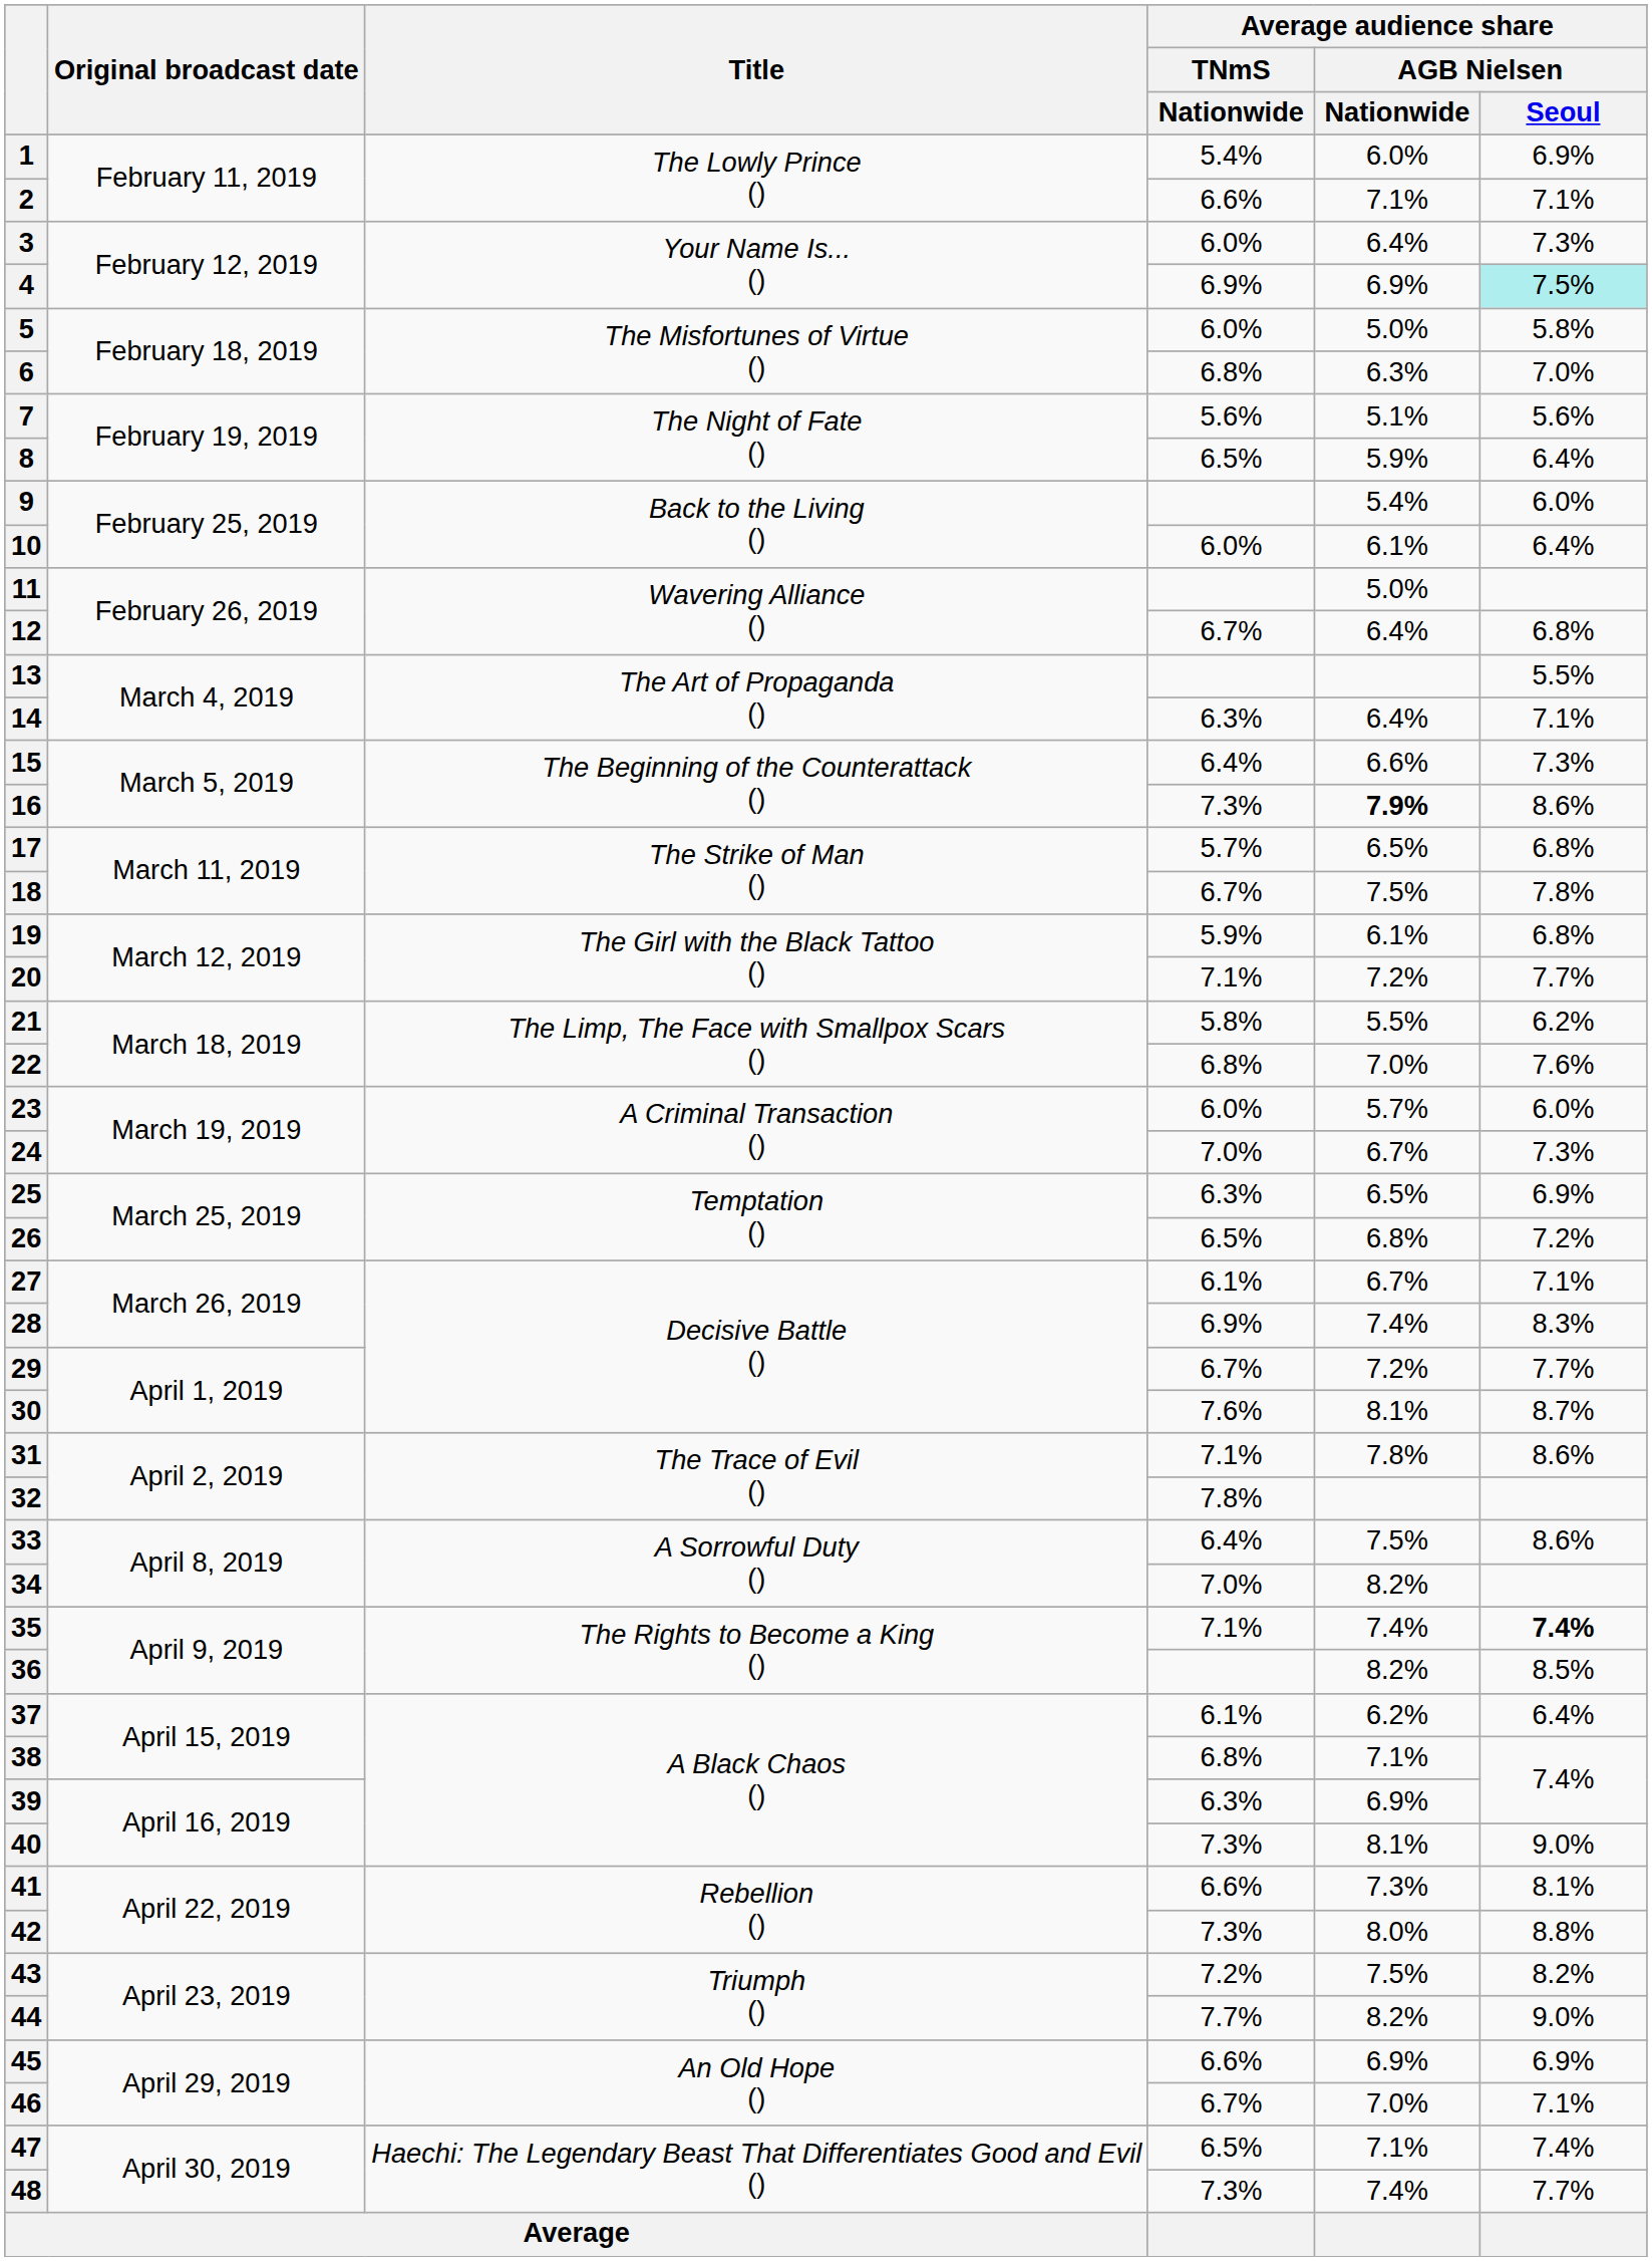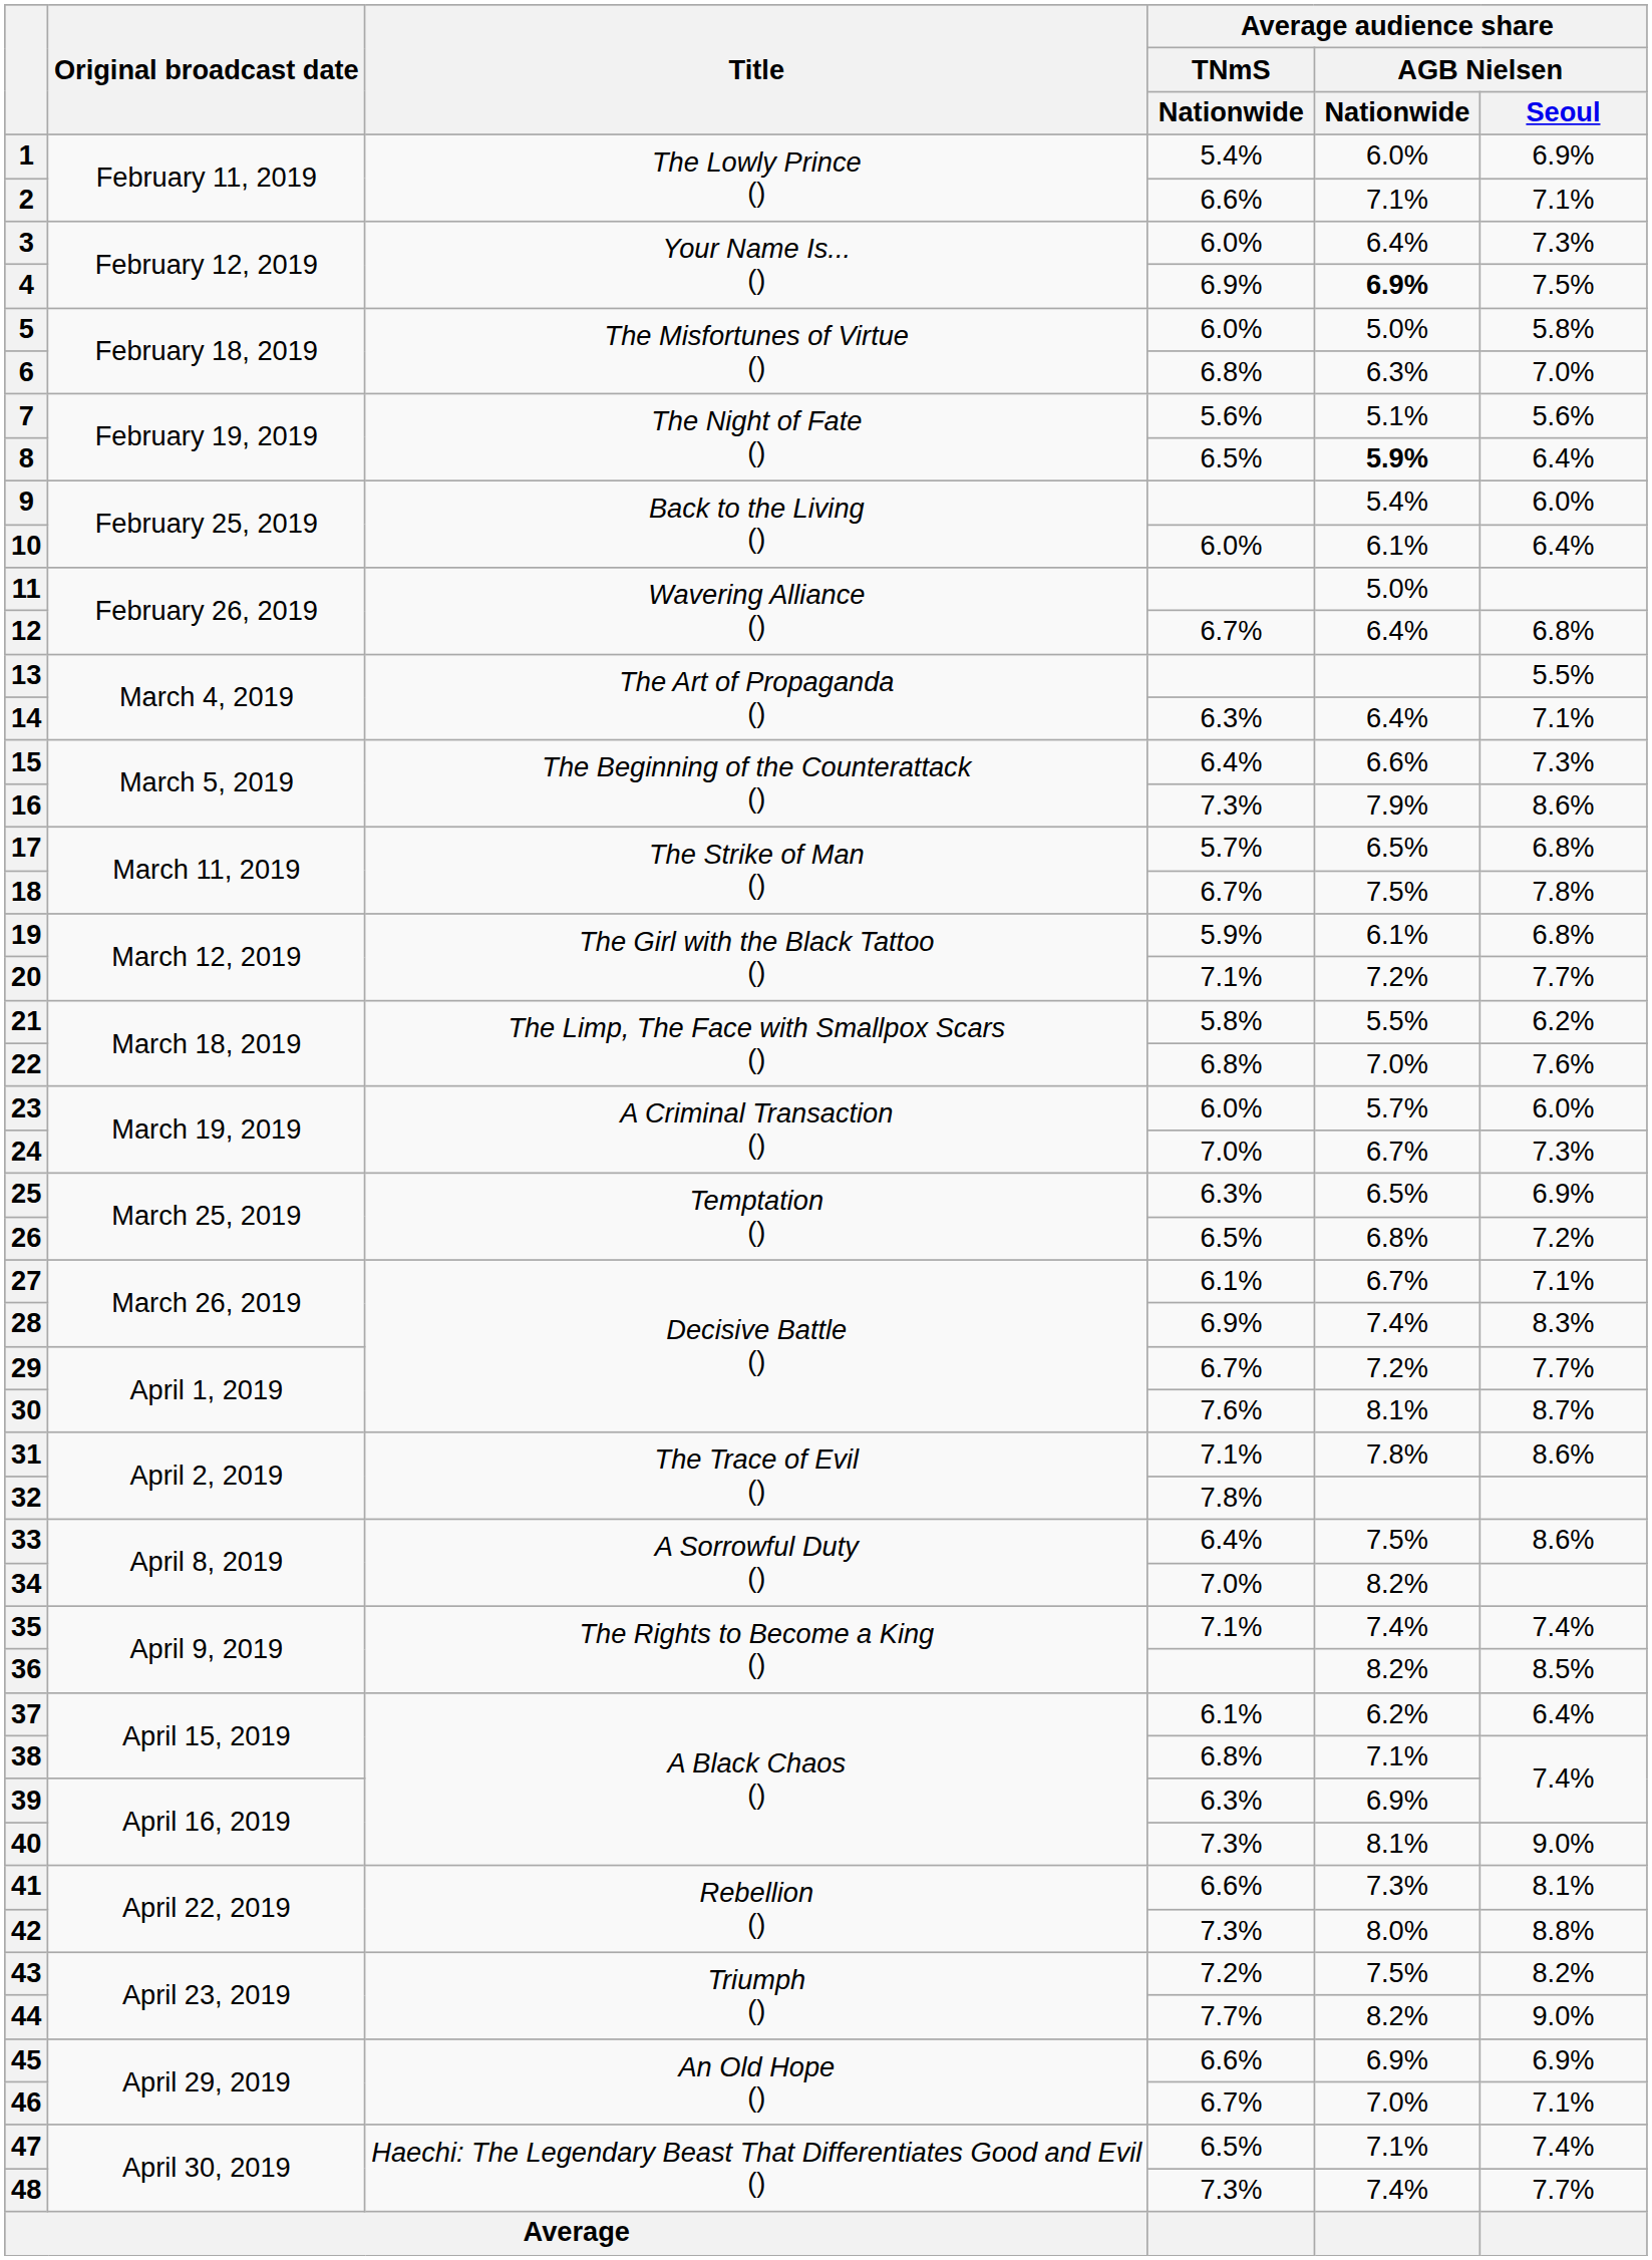 <table class="wikitable" style="text-align:center">
 <tr>
 <th rowspan="3"></th>
 <th rowspan="3">Original broadcast date</th>
 <th rowspan="3">Title</th>
 <th colspan="3">Average audience share</th>
 </tr>
 <tr>
 <th colspan="1">TNmS</th>
 <th colspan="2">AGB Nielsen</th>
 </tr>
 <tr>
 <th width="90">Nationwide</th>
 <th width="90">Nationwide</th>
 <th width="90"><a href='#'>Seoul</a></th>
 </tr>
 <tr>
 <th>1</th>
 <td rowspan="2">February 11, 2019</td>
 <td rowspan="2"><em>The Lowly Prince</em><br>()</td>
 <td>5.4%</td>
 <td>6.0% </td>
 <td>6.9% </td>
 </tr>
 <tr>
 <th>2</th>
 <td>6.6%</td>
 <td>7.1% </td>
 <td>7.1% </td>
 </tr>
 <tr>
 <th>3</th>
 <td rowspan="2">February 12, 2019</td>
 <td rowspan="2"><em>Your Name Is...</em><br>()</td>
 <td>6.0%</td>
 <td>6.4% </td>
 <td>7.3% </td>
 </tr>
 <tr>
 <th>4</th>
 <td>6.9%</td>
-<td>6.9% </td>
-<td style="background: paleturquoise;">7.5% </td>
+<td><strong>6.9% </strong></td>
+<td>7.5% </td>
 </tr>
 <tr>
 <th>5</th>
 <td rowspan="2">February 18, 2019</td>
 <td rowspan="2"><em>The Misfortunes of Virtue</em><br>()</td>
 <td>6.0%</td>
 <td>5.0% </td>
 <td>5.8% </td>
 </tr>
 <tr>
 <th>6</th>
 <td>6.8%</td>
 <td>6.3% </td>
 <td>7.0% </td>
 </tr>
 <tr>
 <th>7</th>
 <td rowspan="2">February 19, 2019</td>
 <td rowspan="2"><em>The Night of Fate</em><br>()</td>
 <td>5.6%</td>
 <td>5.1% </td>
 <td>5.6% </td>
 </tr>
 <tr>
 <th>8</th>
 <td>6.5%</td>
-<td>5.9% </td>
+<td><strong>5.9% </strong></td>
 <td>6.4% </td>
 </tr>
 <tr>
 <th>9</th>
 <td rowspan="2">February 25, 2019</td>
 <td rowspan="2"><em>Back to the Living</em><br>()</td>
 <td></td>
 <td>5.4% </td>
 <td>6.0% </td>
 </tr>
 <tr>
 <th>10</th>
 <td>6.0%</td>
 <td>6.1% </td>
 <td>6.4% </td>
 </tr>
 <tr>
 <th>11</th>
 <td rowspan="2">February 26, 2019</td>
 <td rowspan="2"><em>Wavering Alliance</em><br>()</td>
 <td></td>
 <td>5.0% </td>
 <td> </td>
 </tr>
 <tr>
 <th>12</th>
 <td>6.7%</td>
 <td>6.4% </td>
 <td>6.8% </td>
 </tr>
 <tr>
 <th>13</th>
 <td rowspan="2">March 4, 2019</td>
 <td rowspan="2"><em>The Art of Propaganda</em><br>()</td>
 <td></td>
 <td> </td>
 <td>5.5% </td>
 </tr>
 <tr>
 <th>14</th>
 <td>6.3%</td>
 <td>6.4% </td>
 <td>7.1% </td>
 </tr>
 <tr>
 <th>15</th>
 <td rowspan="2">March 5, 2019</td>
 <td rowspan="2"><em>The Beginning of the Counterattack</em><br>()</td>
 <td>6.4%</td>
 <td>6.6% </td>
 <td>7.3% </td>
 </tr>
 <tr>
 <th>16</th>
 <td>7.3%</td>
-<td><strong>7.9% </strong></td>
+<td>7.9% </td>
 <td>8.6% </td>
 </tr>
 <tr>
 <th>17</th>
 <td rowspan="2">March 11, 2019</td>
 <td rowspan="2"><em>The Strike of Man</em><br>()</td>
 <td>5.7%</td>
 <td>6.5% </td>
 <td>6.8% </td>
 </tr>
 <tr>
 <th>18</th>
 <td>6.7%</td>
 <td>7.5% </td>
 <td>7.8% </td>
 </tr>
 <tr>
 <th>19</th>
 <td rowspan="2">March 12, 2019</td>
 <td rowspan="2"><em>The Girl with the Black Tattoo</em><br>()</td>
 <td>5.9%</td>
 <td>6.1% </td>
 <td>6.8% </td>
 </tr>
 <tr>
 <th>20</th>
 <td>7.1%</td>
 <td>7.2% </td>
 <td>7.7% </td>
 </tr>
 <tr>
 <th>21</th>
 <td rowspan="2">March 18, 2019</td>
 <td rowspan="2"><em>The Limp, The Face with Smallpox Scars</em><br>()</td>
 <td>5.8%</td>
 <td>5.5% </td>
 <td>6.2% </td>
 </tr>
 <tr>
 <th>22</th>
 <td>6.8%</td>
 <td>7.0% </td>
 <td>7.6% </td>
 </tr>
 <tr>
 <th>23</th>
 <td rowspan="2">March 19, 2019</td>
 <td rowspan="2"><em>A Criminal Transaction</em><br>()</td>
 <td>6.0%</td>
 <td>5.7% </td>
 <td>6.0% </td>
 </tr>
 <tr>
 <th>24</th>
 <td>7.0%</td>
 <td>6.7% </td>
 <td>7.3% </td>
 </tr>
 <tr>
 <th>25</th>
 <td rowspan="2">March 25, 2019</td>
 <td rowspan="2"><em>Temptation</em><br>()</td>
 <td>6.3%</td>
 <td>6.5% </td>
 <td>6.9% </td>
 </tr>
 <tr>
 <th>26</th>
 <td>6.5%</td>
 <td>6.8% </td>
 <td>7.2% </td>
 </tr>
 <tr>
 <th>27</th>
 <td rowspan="2">March 26, 2019</td>
 <td rowspan="4"><em>Decisive Battle</em><br>()</td>
 <td>6.1%</td>
 <td>6.7% </td>
 <td>7.1% </td>
 </tr>
 <tr>
 <th>28</th>
 <td>6.9%</td>
 <td>7.4% </td>
 <td>8.3% </td>
 </tr>
 <tr>
 <th>29</th>
 <td rowspan="2">April 1, 2019</td>
 <td>6.7%</td>
 <td>7.2% </td>
 <td>7.7% </td>
 </tr>
 <tr>
 <th>30</th>
 <td>7.6%</td>
 <td>8.1% </td>
 <td>8.7% </td>
 </tr>
 <tr>
 <th>31</th>
 <td rowspan="2">April 2, 2019</td>
 <td rowspan="2"><em>The Trace of Evil</em><br>()</td>
 <td>7.1%</td>
 <td>7.8% </td>
 <td>8.6% </td>
 </tr>
 <tr>
 <th>32</th>
 <td>7.8%</td>
 <td> </td>
 <td> </td>
 </tr>
 <tr>
 <th>33</th>
 <td rowspan="2">April 8, 2019</td>
 <td rowspan="2"><em>A Sorrowful Duty</em><br>()</td>
 <td>6.4%</td>
 <td>7.5% </td>
 <td>8.6% </td>
 </tr>
 <tr>
 <th>34</th>
 <td>7.0%</td>
 <td>8.2% </td>
 <td> </td>
 </tr>
 <tr>
 <th>35</th>
 <td rowspan="2">April 9, 2019</td>
 <td rowspan="2"><em>The Rights to Become a King</em><br>()</td>
 <td>7.1%</td>
 <td>7.4% </td>
-<td><strong>7.4% </strong></td>
+<td>7.4% </td>
 </tr>
 <tr>
 <th>36</th>
 <td></td>
 <td>8.2% </td>
 <td>8.5% </td>
 </tr>
 <tr>
 <th>37</th>
 <td rowspan="2">April 15, 2019</td>
 <td rowspan="4"><em>A Black Chaos</em><br>()</td>
 <td>6.1%</td>
 <td>6.2% </td>
 <td>6.4% </td>
 </tr>
 <tr>
 <th>38</th>
 <td>6.8%</td>
 <td>7.1% </td>
 <td rowspan="2">7.4% </td>
 </tr>
 <tr>
 <th>39</th>
 <td rowspan="2">April 16, 2019</td>
 <td>6.3%</td>
 <td>6.9% </td>
 </tr>
 <tr>
 <th>40</th>
 <td>7.3%</td>
 <td>8.1% </td>
 <td>9.0% </td>
 </tr>
 <tr>
 <th>41</th>
 <td rowspan="2">April 22, 2019</td>
 <td rowspan="2"><em>Rebellion</em><br>()</td>
 <td>6.6%</td>
 <td>7.3% </td>
 <td>8.1% </td>
 </tr>
 <tr>
 <th>42</th>
 <td>7.3%</td>
 <td>8.0% </td>
 <td>8.8% </td>
 </tr>
 <tr>
 <th>43</th>
 <td rowspan="2">April 23, 2019</td>
 <td rowspan="2"><em>Triumph</em><br>()</td>
 <td>7.2%</td>
 <td>7.5% </td>
 <td>8.2% </td>
 </tr>
 <tr>
 <th>44</th>
 <td>7.7%</td>
 <td>8.2% </td>
 <td>9.0% </td>
 </tr>
 <tr>
 <th>45</th>
 <td rowspan="2">April 29, 2019</td>
 <td rowspan="2"><em>An Old Hope</em><br>()</td>
 <td>6.6%</td>
 <td>6.9% </td>
 <td>6.9% </td>
 </tr>
 <tr>
 <th>46</th>
 <td>6.7%</td>
 <td>7.0% </td>
 <td>7.1% </td>
 </tr>
 <tr>
 <th>47</th>
 <td rowspan="2">April 30, 2019</td>
 <td rowspan="2"><em>Haechi: The Legendary Beast That Differentiates Good and Evil</em><br>()</td>
 <td>6.5%</td>
 <td>7.1% </td>
 <td>7.4% </td>
 </tr>
 <tr>
 <th>48</th>
 <td>7.3%</td>
 <td>7.4% </td>
 <td>7.7% </td>
 </tr>
 <tr>
 <th colspan="3">Average</th>
 <th></th>
 <th></th>
 <th></th>
 </tr>
 </table>
